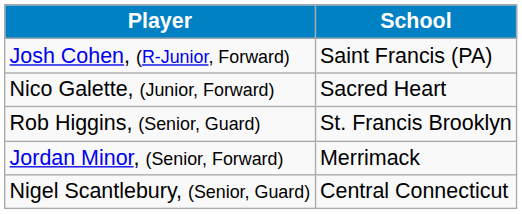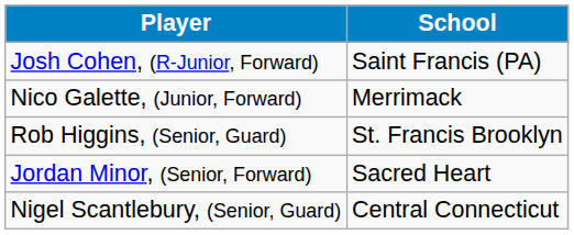 <table class="wikitable" border="1">
 <tr>
 <th align="center" style="background:#0081C4; color:#FFFFFF;">Player</th>
 <th align="center" style="background:#0081C4; color:#FFFFFF;">School</th>
 </tr>
 <tr>
 <td><a href='#'>Josh Cohen</a>, <small>(<a href='#'>R-Junior</a>, Forward)</small></td>
 <td style=>Saint Francis (PA)</td>
 </tr>
 <tr>
 <td>Nico Galette, <small>(Junior, Forward)</small></td>
-<td style=>Sacred Heart</td>
+<td style=>Merrimack</td>
 </tr>
 <tr>
 <td>Rob Higgins, <small>(Senior, Guard)</small></td>
 <td style=>St. Francis Brooklyn</td>
 </tr>
 <tr>
 <td><a href='#'>Jordan Minor</a>, <small>(Senior, Forward)</small></td>
-<td style=>Merrimack</td>
+<td style=>Sacred Heart</td>
 </tr>
 <tr>
 <td>Nigel Scantlebury, <small>(Senior, Guard)</small></td>
 <td>Central Connecticut</td>
 </tr>
 </table>
